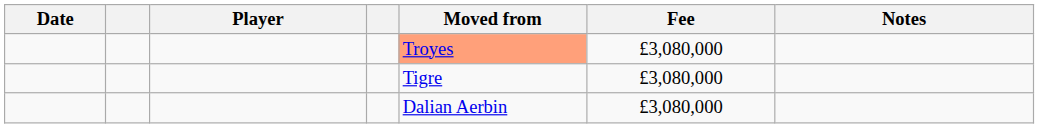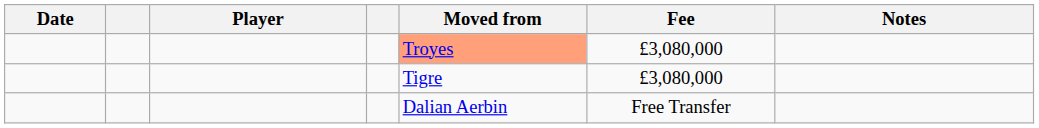 <table class="wikitable sortable">
 <tr>
 <th style="width:80px;">Date</th>
 <th style="width:30px;"></th>
 <th style="width:180px;">Player</th>
 <th style="width:20px;"></th>
 <th style="width:155px;">Moved from</th>
 <th style="width:155px;" class="unsortable">Fee</th>
 <th style="width:215px;" class="unsortable">Notes</th>
 </tr>
 <tr>
 <td></td>
 <td align=center></td>
 <td> </td>
 <td></td>
 <td style="background: lightsalmon;"> <a href='#'>Troyes</a></td>
 <td align=center>£3,080,000</td>
 <td align=center></td>
 </tr>
 <tr>
 <td></td>
 <td align=center></td>
 <td> </td>
 <td></td>
 <td> <a href='#'>Tigre</a></td>
 <td align=center>£3,080,000</td>
 <td align=center></td>
 </tr>
 <tr>
 <td></td>
 <td align=center></td>
 <td> </td>
 <td></td>
 <td> <a href='#'>Dalian Aerbin</a></td>
-<td align=center>£3,080,000</td>
+<td align=center>Free Transfer</td>
 <td align=center></td>
 </tr>
 </table>
